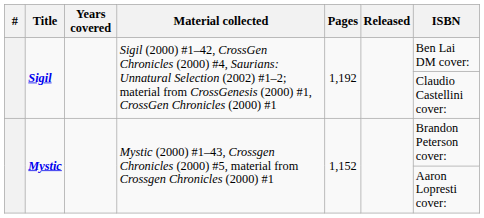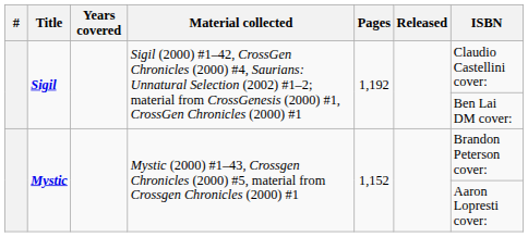 <table class="wikitable sortable" width=99%>
 <tr>
 <th class="unsortable" width=20px>#</th>
 <th>Title</th>
 <th>Years covered</th>
 <th class="unsortable">Material collected</th>
 <th>Pages</th>
 <th>Released</th>
 <th class="unsortable">ISBN</th>
 </tr>
 <tr>
 <th style="background-color: light grey;" rowspan=2></th>
 <td rowspan=2><strong><em><a href='#'>Sigil</a></em></strong></td>
 <td rowspan=2></td>
 <td rowspan=2><em>Sigil</em> (2000) #1–42, <em>CrossGen Chronicles</em> (2000) #4, <em>Saurians: Unnatural Selection</em> (2002) #1–2; material from <em>CrossGenesis</em> (2000) #1, <em>CrossGen Chronicles</em> (2000) #1</td>
 <td style="text-align: center;" rowspan=2>1,192</td>
 <td rowspan=2></td>
-<td>Ben Lai DM cover: </td>
+<td>Claudio Castellini cover: </td>
 </tr>
 <tr>
-<td>Claudio Castellini cover: </td>
+<td>Ben Lai DM cover: </td>
 </tr>
 <tr>
 <th style="background-color: light grey;" rowspan=2></th>
 <td rowspan=2><strong><em><a href='#'>Mystic</a></em></strong></td>
 <td rowspan=2></td>
 <td rowspan=2><em>Mystic</em> (2000) #1–43, <em>Crossgen Chronicles</em> (2000) #5, material from <em>Crossgen Chronicles</em> (2000) #1</td>
 <td style="text-align: center;" rowspan=2>1,152</td>
 <td rowspan=2></td>
 <td>Brandon Peterson cover: </td>
 </tr>
 <tr>
 <td>Aaron Lopresti cover: </td>
 </tr>
 </table>
